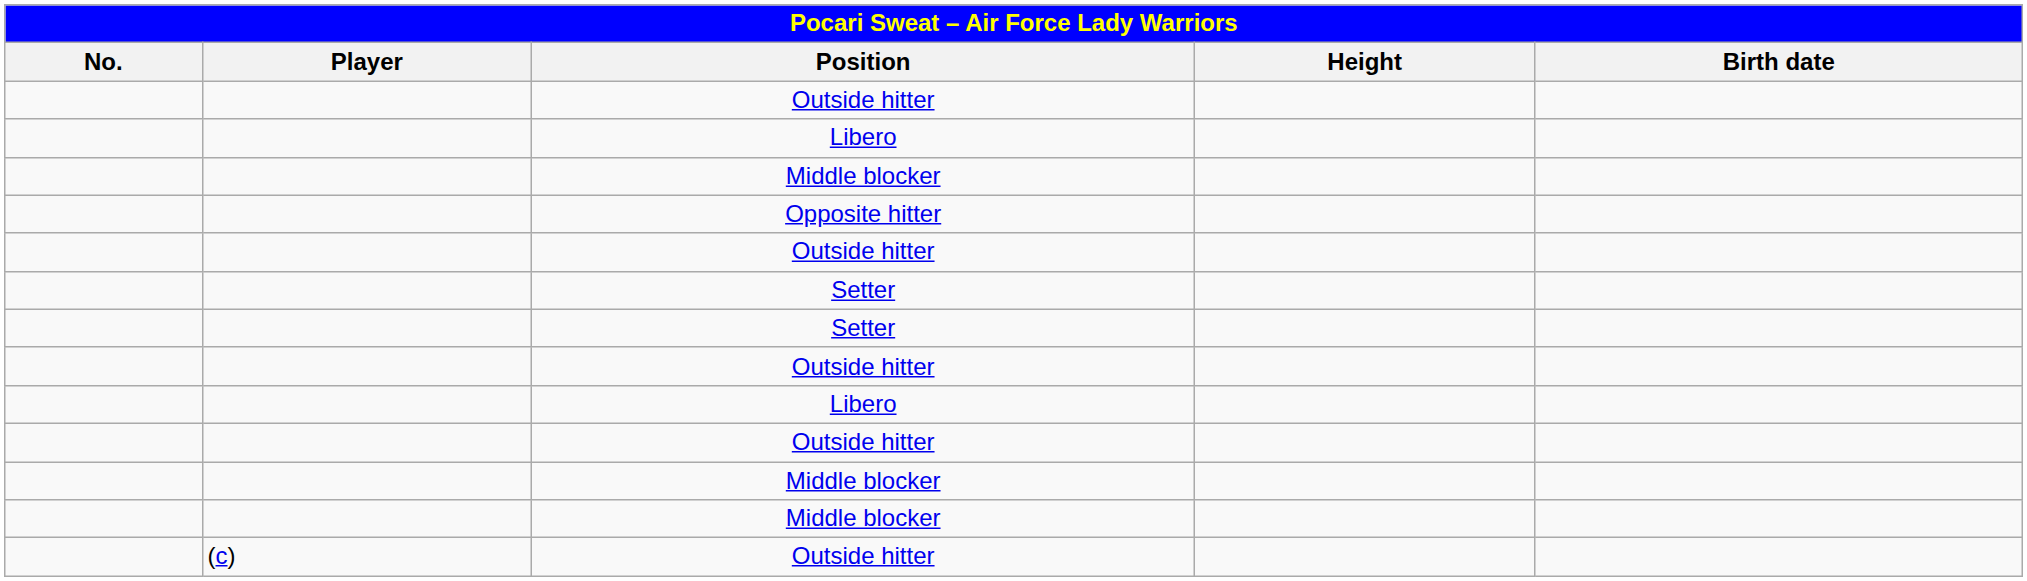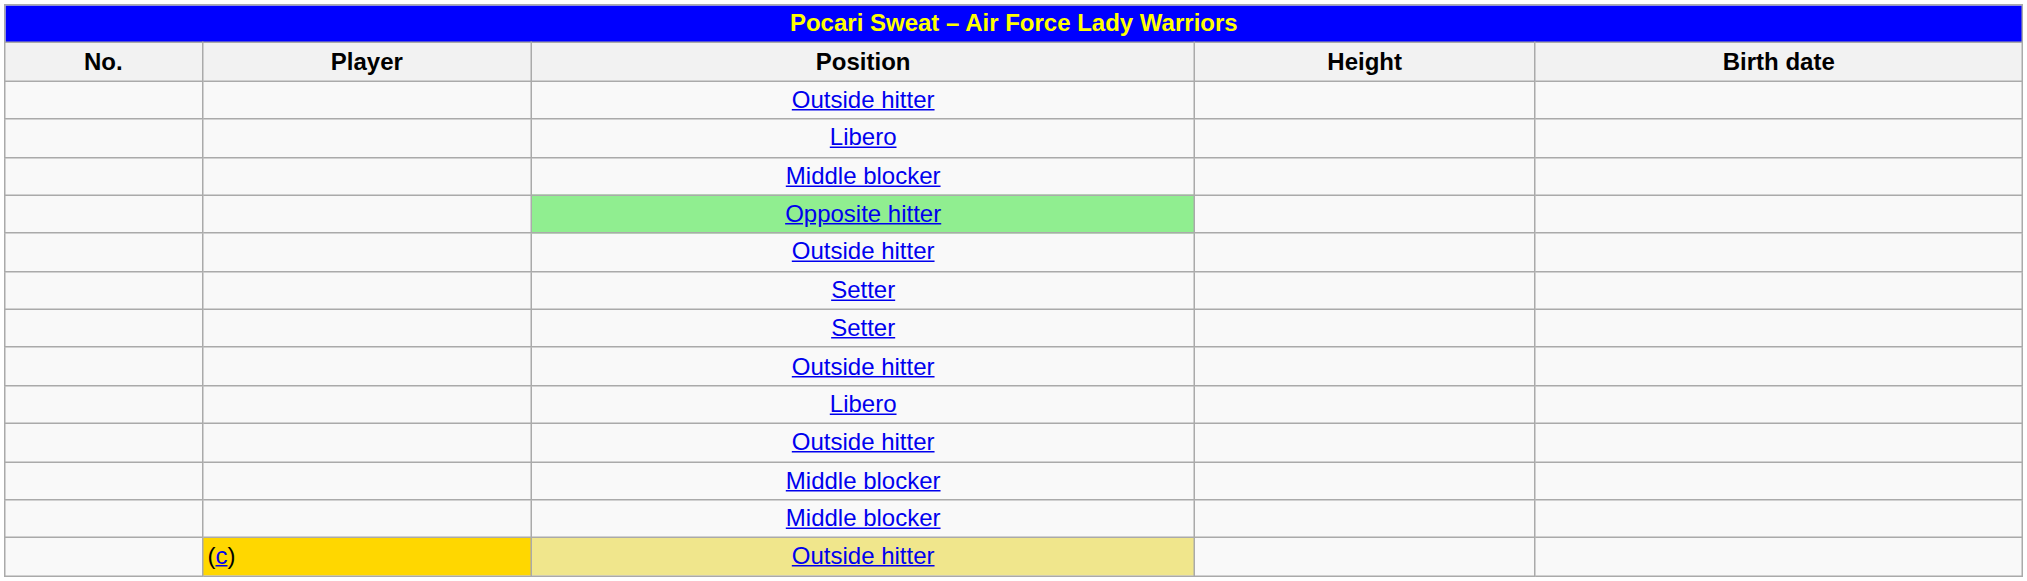 <table class="wikitable sortable" style="text-align:center; width: 85%; font-size:100%;">
 <tr>
 <th colspan="6" style= "background:blue; color:yellow; text-align: center"><strong>Pocari Sweat – Air Force Lady Warriors</strong></th>
 </tr>
 <tr>
 <th style= align=center "width:3em; background white; color: black;">No.</th>
 <th style= align=center "width:15em; background white; color: black;">Player</th>
 <th style= align=center "width:9em; background white; color: black;">Position</th>
 <th style= align=center "width:9em; background white; color: black;">Height</th>
 <th style= align=center "width:13em; background white; color: black;">Birth date</th>
 </tr>
 <tr align=center>
 <td></td>
 <td style="text-align: left"> </td>
 <td><a href='#'>Outside hitter</a></td>
 <td></td>
 <td align=right></td>
 </tr>
 <tr align=center>
 <td></td>
 <td style="text-align: left"> </td>
 <td><a href='#'>Libero</a></td>
 <td></td>
 <td align=right></td>
 </tr>
 <tr align=center>
 <td></td>
 <td style="text-align: left"> </td>
 <td><a href='#'>Middle blocker</a></td>
 <td></td>
 <td align=right></td>
 </tr>
 <tr align=center>
 <td></td>
 <td style="text-align: left"> </td>
-<td><a href='#'>Opposite hitter</a></td>
+<td style="background: lightgreen;"><a href='#'>Opposite hitter</a></td>
 <td></td>
 <td align=right></td>
 </tr>
 <tr align=center>
 <td></td>
 <td style="text-align: left"> </td>
 <td><a href='#'>Outside hitter</a></td>
 <td></td>
 <td align=right></td>
 </tr>
 <tr align=center>
 <td></td>
 <td style="text-align: left"> </td>
 <td><a href='#'>Setter</a></td>
 <td></td>
 <td align=right></td>
 </tr>
 <tr align=center>
 <td></td>
 <td style="text-align: left"> </td>
 <td><a href='#'>Setter</a></td>
 <td></td>
 <td align=right></td>
 </tr>
 <tr align=center>
 <td></td>
 <td style="text-align: left"> </td>
 <td><a href='#'>Outside hitter</a></td>
 <td></td>
 <td align=right></td>
 </tr>
 <tr align=center>
 <td></td>
 <td style="text-align: left"> </td>
 <td><a href='#'>Libero</a></td>
 <td></td>
 <td align=right></td>
 </tr>
 <tr align=center>
 <td></td>
 <td style="text-align: left"> </td>
 <td><a href='#'>Outside hitter</a></td>
 <td></td>
 <td align=right></td>
 </tr>
 <tr align=center>
 <td></td>
 <td style="text-align: left"> </td>
 <td><a href='#'>Middle blocker</a></td>
 <td></td>
 <td align=right></td>
 </tr>
 <tr align=center>
 <td></td>
 <td style="text-align: left"> </td>
 <td><a href='#'>Middle blocker</a></td>
 <td></td>
 <td align=right></td>
 </tr>
 <tr align=center>
 <td></td>
-<td style="text-align: left">  (<a href='#'>c</a>)</td>
-<td><a href='#'>Outside hitter</a></td>
+<td style="background: gold; text-align: left">  (<a href='#'>c</a>)</td>
+<td style="background: khaki;"><a href='#'>Outside hitter</a></td>
 <td></td>
 <td align=right></td>
 </tr>
 </table>
